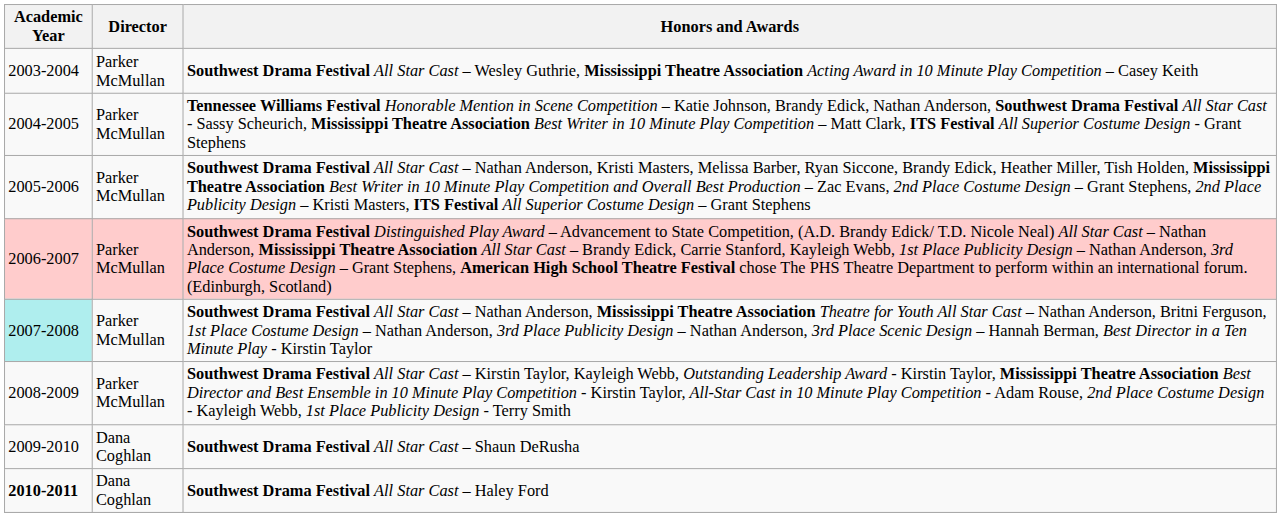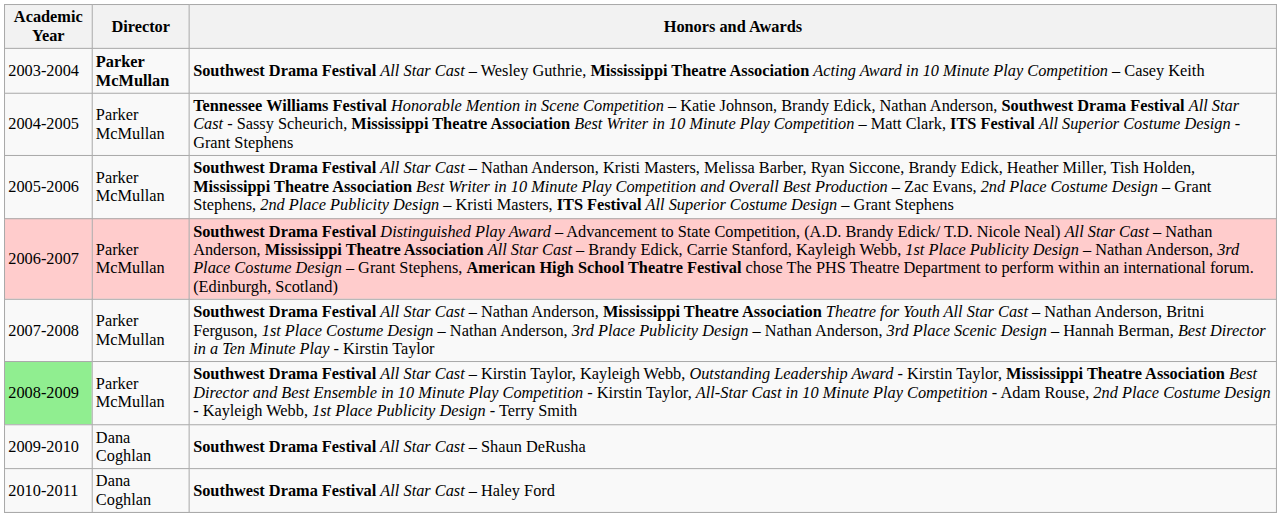 <table class="wikitable">
 <tr>
 <th>Academic Year</th>
 <th>Director</th>
 <th>Honors and Awards</th>
 </tr>
 <tr>
 <td>2003-2004</td>
-<td>Parker McMullan</td>
+<td><strong>Parker McMullan</strong></td>
 <td><strong>Southwest Drama Festival</strong> <em>All Star Cast</em> – Wesley Guthrie, <strong>Mississippi Theatre Association</strong> <em>Acting Award in 10 Minute Play Competition</em> – Casey Keith</td>
 </tr>
 <tr>
 <td>2004-2005</td>
 <td>Parker McMullan</td>
 <td><strong>Tennessee Williams Festival</strong> <em>Honorable Mention in Scene Competition</em> – Katie Johnson, Brandy Edick, Nathan Anderson, <strong>Southwest Drama Festival</strong> <em>All Star Cast</em> - Sassy Scheurich, <strong>Mississippi Theatre Association</strong> <em>Best Writer in 10 Minute Play Competition</em> – Matt Clark, <strong>ITS Festival</strong> <em>All Superior Costume Design</em> - Grant Stephens</td>
 </tr>
 <tr>
 <td>2005-2006</td>
 <td>Parker McMullan</td>
 <td><strong>Southwest Drama Festival</strong> <em>All Star Cast</em> – Nathan Anderson, Kristi Masters, Melissa Barber, Ryan Siccone, Brandy Edick, Heather Miller, Tish Holden, <strong>Mississippi Theatre Association</strong> <em>Best Writer in 10 Minute Play Competition and Overall Best Production</em> – Zac Evans, <em>2nd Place Costume Design</em> – Grant Stephens, <em>2nd Place Publicity Design</em> – Kristi Masters, <strong>ITS Festival</strong> <em>All Superior Costume Design</em> – Grant Stephens</td>
 </tr>
 <tr>
 <td style="background: #FFCCCC;">2006-2007</td>
 <td style="background: #FFCCCC;">Parker McMullan</td>
 <td style="background: #FFCCCC;"><strong>Southwest Drama Festival</strong> <em>Distinguished Play Award</em> – Advancement to State Competition, (A.D. Brandy Edick/ T.D. Nicole Neal) <em>All Star Cast</em> – Nathan Anderson, <strong>Mississippi Theatre Association</strong> <em>All Star Cast</em> – Brandy Edick, Carrie Stanford, Kayleigh Webb, <em>1st Place Publicity Design</em> – Nathan Anderson, <em>3rd Place Costume Design</em> – Grant Stephens, <strong>American High School Theatre Festival</strong> chose The PHS Theatre Department to perform within an international forum.  (Edinburgh, Scotland)</td>
 </tr>
 <tr>
-<td style="background: paleturquoise;">2007-2008</td>
+<td>2007-2008</td>
 <td>Parker McMullan</td>
 <td><strong>Southwest Drama Festival</strong> <em>All Star Cast</em> – Nathan Anderson, <strong>Mississippi Theatre Association</strong> <em>Theatre for Youth All Star Cast</em> – Nathan Anderson, Britni Ferguson, <em>1st Place Costume Design</em> – Nathan Anderson, <em>3rd Place Publicity Design</em> – Nathan Anderson, <em>3rd Place Scenic Design</em> – Hannah Berman, <em>Best Director in a Ten Minute Play</em> - Kirstin Taylor</td>
 </tr>
 <tr>
-<td>2008-2009</td>
+<td style="background: lightgreen;">2008-2009</td>
 <td>Parker McMullan</td>
 <td><strong>Southwest Drama Festival</strong> <em>All Star Cast</em> – Kirstin Taylor, Kayleigh Webb, <em>Outstanding Leadership Award</em> - Kirstin Taylor, <strong>Mississippi Theatre Association</strong> <em>Best Director and Best Ensemble in 10 Minute Play Competition</em> - Kirstin Taylor, <em>All-Star Cast in 10 Minute Play Competition</em> - Adam Rouse, <em>2nd Place Costume Design</em> - Kayleigh Webb, <em>1st Place Publicity Design</em> - Terry Smith</td>
 </tr>
 <tr>
 <td>2009-2010</td>
 <td>Dana Coghlan</td>
 <td><strong>Southwest Drama Festival</strong> <em>All Star Cast</em> – Shaun DeRusha</td>
 </tr>
 <tr>
-<td><strong>2010-2011</strong></td>
+<td>2010-2011</td>
 <td>Dana Coghlan</td>
 <td><strong>Southwest Drama Festival</strong> <em>All Star Cast</em> – Haley Ford</td>
 </tr>
 <tr>
 </tr>
 </table>
